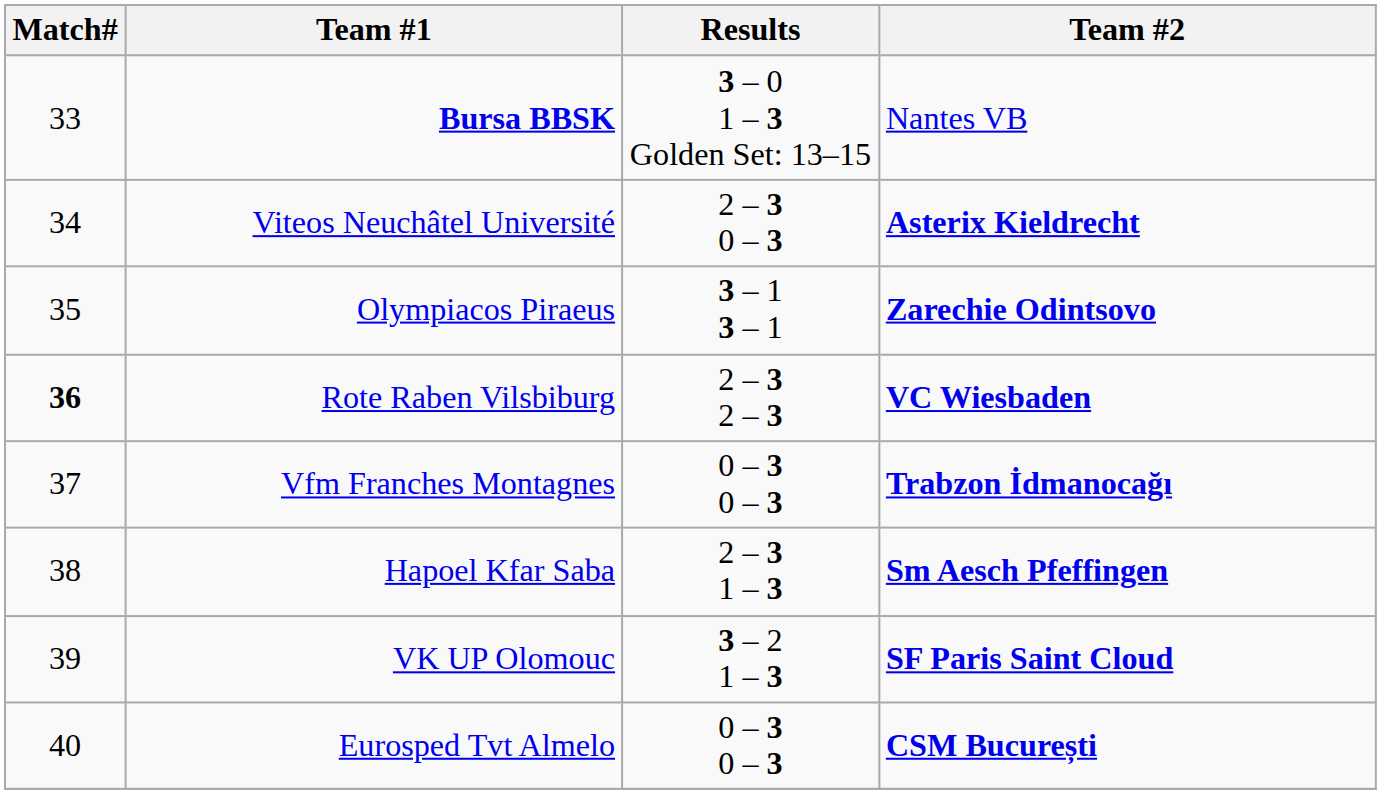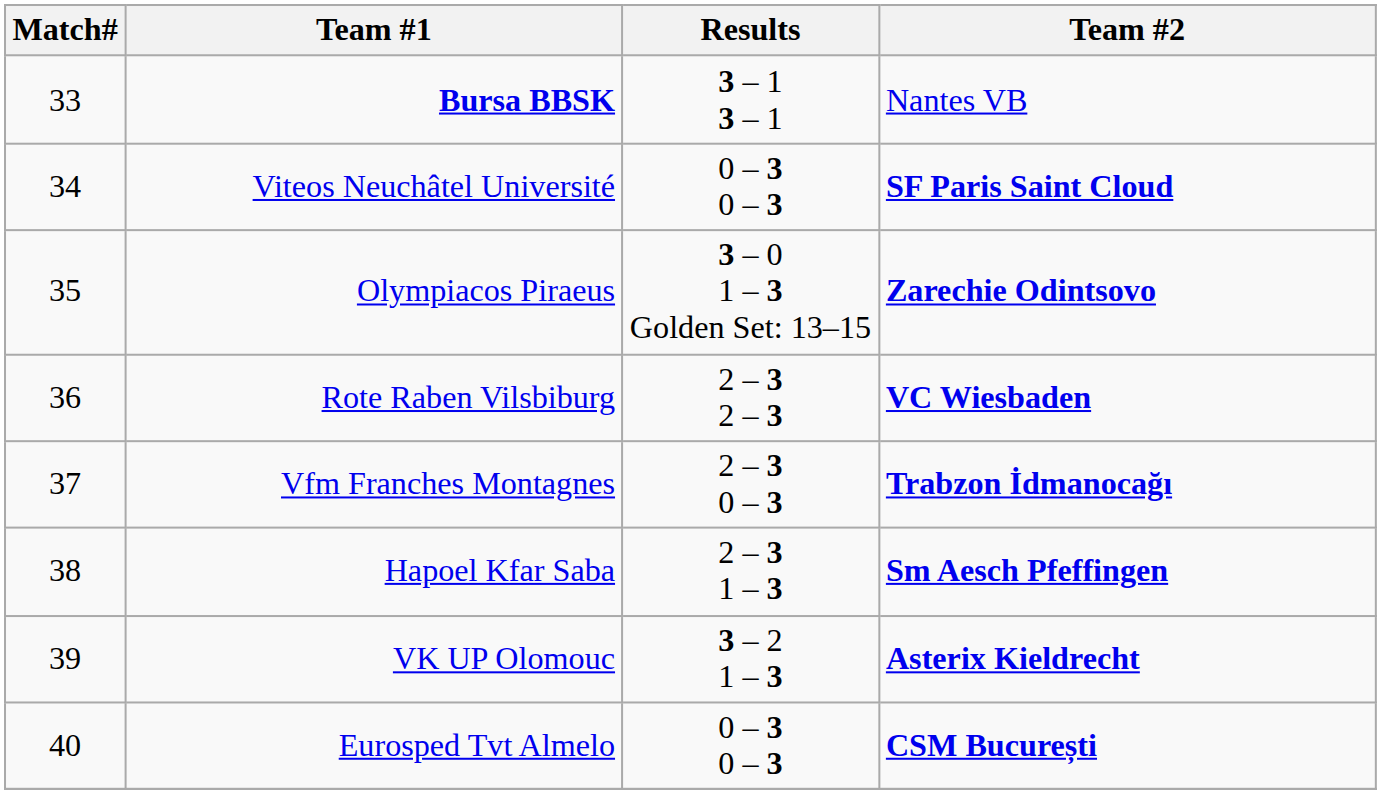 <table class="wikitable" style="border-collapse: collapse;">
 <tr>
 <th>Match#</th>
 <th align="right" width="240">Team #1</th>
 <th>  Results  </th>
 <th align="left" width="240">Team #2</th>
 </tr>
 <tr>
 <td align="center">33</td>
 <td align="right"><strong><a href='#'>Bursa BBSK</a> </strong></td>
-<td align="center"><strong>3</strong> – 0 <br> 1 – <strong>3</strong> <br> Golden Set: 13–15</td>
+<td align="center"><strong>3</strong> – 1 <br> <strong>3</strong> – 1</td>
 <td> <a href='#'>Nantes VB</a></td>
 </tr>
 <tr>
 <td align="center">34</td>
 <td align="right"><a href='#'>Viteos Neuchâtel Université</a> </td>
-<td align="center">2 – <strong>3</strong> <br> 0 – <strong>3</strong></td>
-<td><strong> <a href='#'>Asterix Kieldrecht</a></strong></td>
+<td align="center">0 – <strong>3</strong> <br> 0 – <strong>3</strong></td>
+<td><strong> <a href='#'>SF Paris Saint Cloud</a></strong></td>
 </tr>
 <tr>
 <td align="center">35</td>
 <td align="right"><a href='#'>Olympiacos Piraeus</a> </td>
-<td align="center"><strong>3</strong> – 1 <br> <strong>3</strong> – 1</td>
+<td align="center"><strong>3</strong> – 0 <br> 1 – <strong>3</strong> <br> Golden Set: 13–15</td>
 <td><strong> <a href='#'>Zarechie Odintsovo</a></strong></td>
 </tr>
 <tr>
-<td align="center"><strong>36</strong></td>
+<td align="center">36</td>
 <td align="right"><a href='#'>Rote Raben Vilsbiburg</a> </td>
 <td align="center">2 – <strong>3</strong> <br> 2 – <strong>3</strong></td>
 <td><strong> <a href='#'>VC Wiesbaden</a></strong></td>
 </tr>
 <tr>
 <td align="center">37</td>
 <td align="right"><a href='#'>Vfm Franches Montagnes</a> </td>
-<td align="center">0 – <strong>3</strong> <br> 0 – <strong>3</strong></td>
+<td align="center">2 – <strong>3</strong> <br> 0 – <strong>3</strong></td>
 <td><strong> <a href='#'>Trabzon İdmanocağı</a></strong></td>
 </tr>
 <tr>
 <td align="center">38</td>
 <td align="right"><a href='#'>Hapoel Kfar Saba</a> </td>
 <td align="center">2 – <strong>3</strong> <br> 1 – <strong>3</strong></td>
 <td><strong> <a href='#'>Sm Aesch Pfeffingen</a></strong></td>
 </tr>
 <tr>
 <td align="center">39</td>
 <td align="right"><a href='#'>VK UP Olomouc</a> </td>
 <td align="center"><strong>3</strong> – 2 <br> 1 – <strong>3</strong></td>
-<td><strong> <a href='#'>SF Paris Saint Cloud</a></strong></td>
+<td><strong> <a href='#'>Asterix Kieldrecht</a></strong></td>
 </tr>
 <tr>
 <td align="center">40</td>
 <td align="right"><a href='#'>Eurosped Tvt Almelo</a> </td>
 <td align="center">0 – <strong>3</strong> <br> 0 – <strong>3</strong></td>
 <td><strong> <a href='#'>CSM București</a></strong></td>
 </tr>
 <tr>
 </tr>
 </table>
